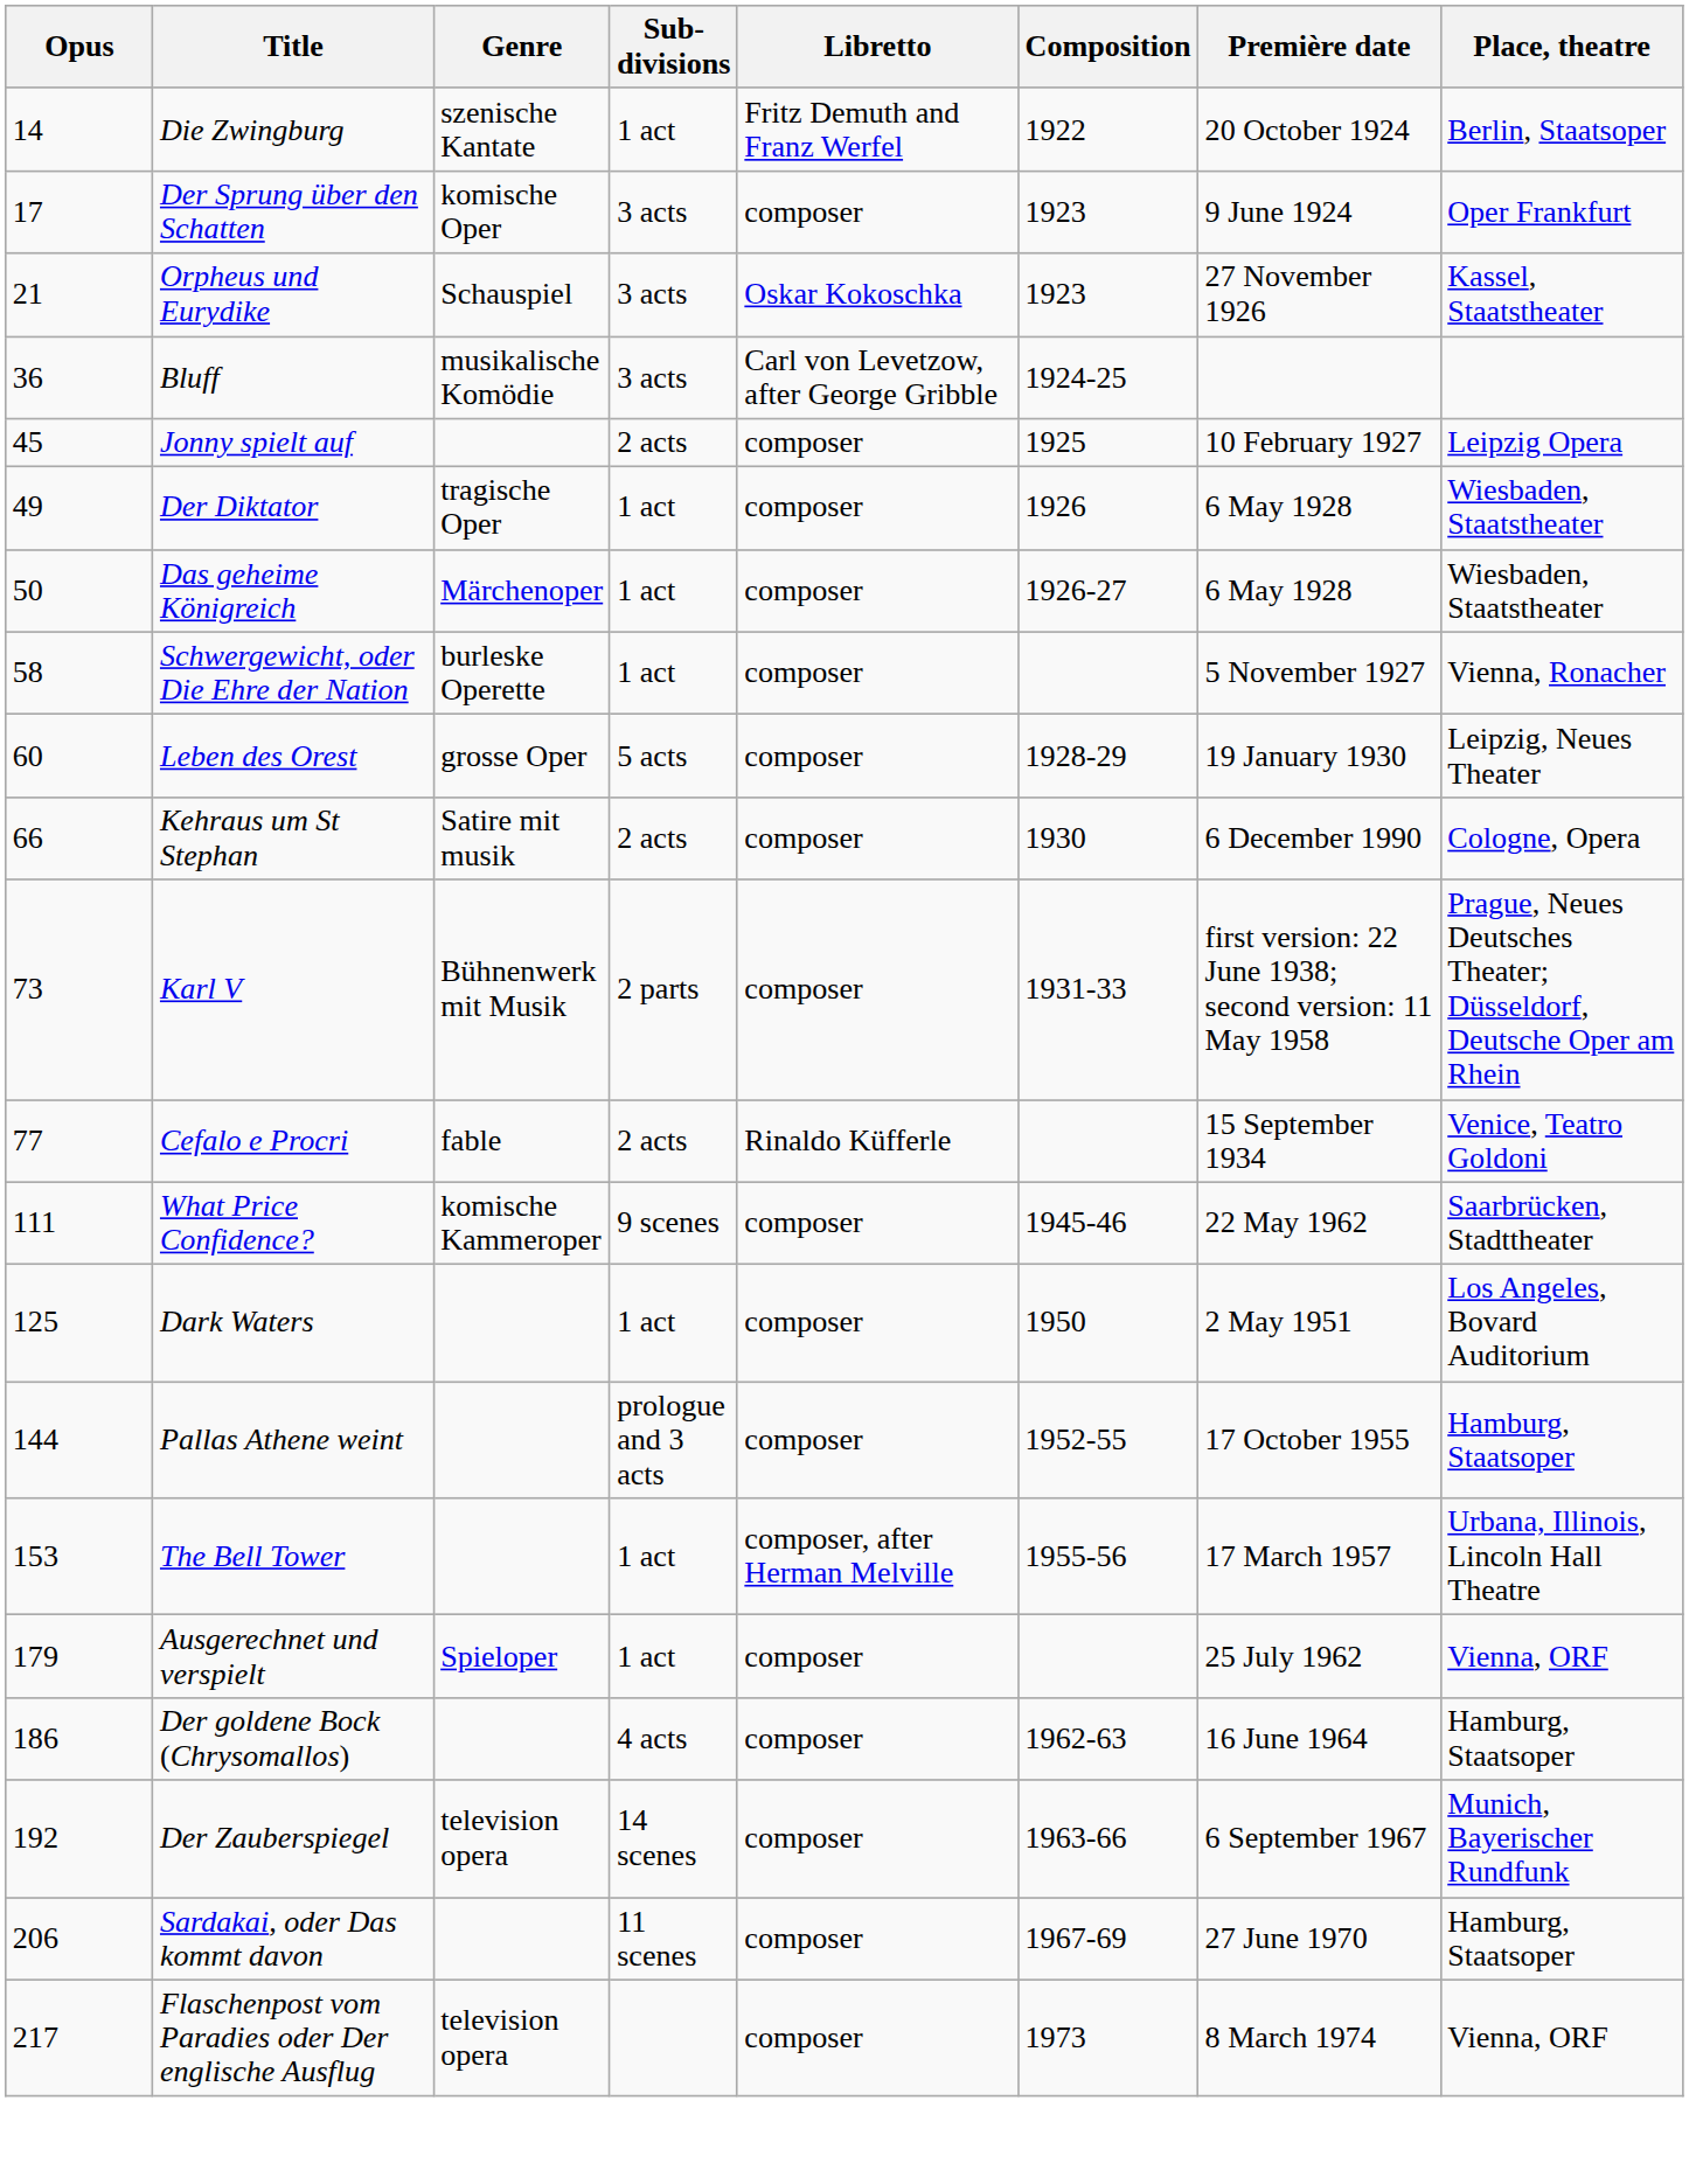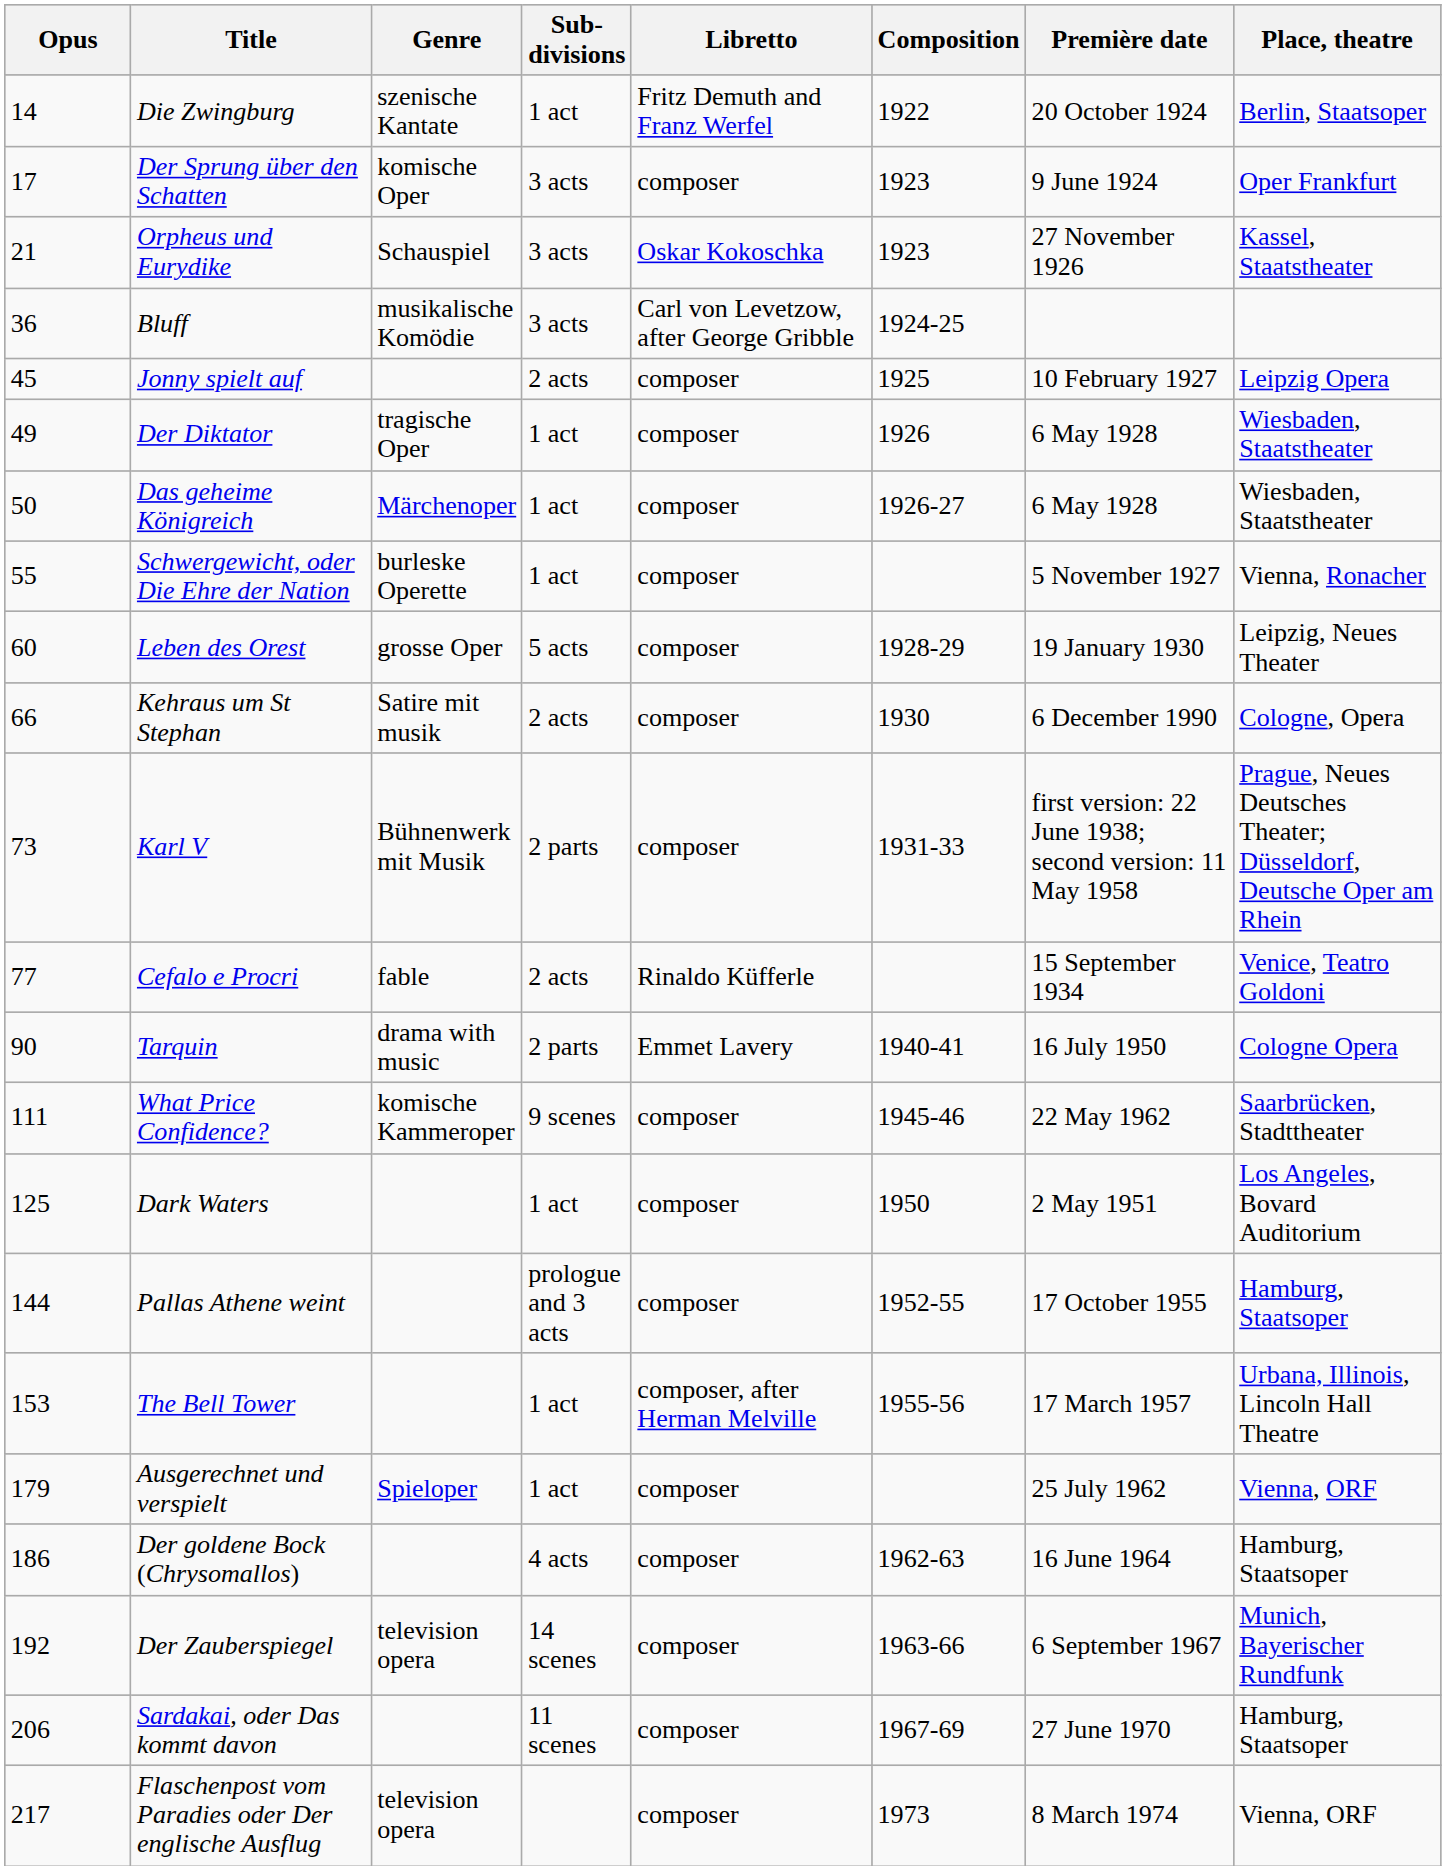 <table class="wikitable sortable">
 <tr>
 <th width="70px">Opus</th>
 <th width="140px">Title</th>
 <th width="80px">Genre</th>
 <th width="50px">Sub­divisions</th>
 <th width="140px">Libretto</th>
 <th width="70px">Composition</th>
 <th width="120px">Première date</th>
 <th width="120px">Place, theatre</th>
 </tr>
 <tr>
 <td>14</td>
 <td><em>Die Zwingburg</em></td>
 <td>szenische Kantate</td>
 <td>1 act</td>
 <td>Fritz Demuth and <a href='#'>Franz Werfel</a></td>
 <td>1922</td>
 <td>20 October 1924</td>
 <td><a href='#'>Berlin</a>, <a href='#'>Staatsoper</a></td>
 </tr>
 <tr>
 <td>17</td>
 <td><em><a href='#'>Der Sprung über den Schatten</a></em></td>
 <td>komische Oper</td>
 <td>3 acts</td>
 <td>composer</td>
 <td>1923</td>
 <td>9 June 1924</td>
 <td><a href='#'>Oper Frankfurt</a></td>
 </tr>
 <tr>
 <td>21</td>
 <td><em><a href='#'>Orpheus und Eurydike</a></em></td>
 <td>Schauspiel</td>
 <td>3 acts</td>
 <td><a href='#'>Oskar Kokoschka</a></td>
 <td>1923</td>
 <td>27 November 1926</td>
 <td><a href='#'>Kassel</a>, <a href='#'>Staatstheater</a></td>
 </tr>
 <tr>
 <td>36</td>
 <td><em>Bluff</em></td>
 <td>musikalische Komödie</td>
 <td>3 acts</td>
 <td>Carl von Levetzow, after George Gribble</td>
 <td>1924-25</td>
 <td> </td>
 <td> </td>
 </tr>
 <tr>
 <td>45</td>
 <td><em><a href='#'>Jonny spielt auf</a></em></td>
 <td></td>
 <td>2 acts</td>
 <td>composer</td>
 <td>1925</td>
 <td>10 February 1927</td>
 <td><a href='#'>Leipzig Opera</a></td>
 </tr>
 <tr>
 <td>49</td>
 <td><em><a href='#'>Der Diktator</a></em></td>
 <td>tragische Oper</td>
 <td>1 act</td>
 <td>composer</td>
 <td>1926</td>
 <td>6 May 1928</td>
 <td><a href='#'>Wiesbaden</a>, <a href='#'>Staatstheater</a></td>
 </tr>
 <tr>
 <td>50</td>
 <td><em><a href='#'>Das geheime Königreich</a></em></td>
 <td><a href='#'>Märchenoper</a></td>
 <td>1 act</td>
 <td>composer</td>
 <td>1926-27</td>
 <td>6 May 1928</td>
 <td>Wiesbaden, Staatstheater</td>
 </tr>
 <tr>
-<td>58</td>
+<td>55</td>
 <td><em><a href='#'>Schwergewicht, oder Die Ehre der Nation</a></em></td>
 <td>burleske Operette</td>
 <td>1 act</td>
 <td>composer</td>
 <td></td>
 <td>5 November 1927</td>
 <td>Vienna, <a href='#'>Ronacher</a></td>
 </tr>
 <tr>
 <td>60</td>
 <td><em><a href='#'>Leben des Orest</a></em></td>
 <td>grosse Oper</td>
 <td>5 acts</td>
 <td>composer</td>
 <td>1928-29</td>
 <td>19 January 1930</td>
 <td>Leipzig, Neues Theater</td>
 </tr>
 <tr>
 <td>66</td>
 <td><em>Kehraus um St Stephan</em></td>
 <td>Satire mit musik</td>
 <td>2 acts</td>
 <td>composer</td>
 <td>1930</td>
 <td>6 December 1990</td>
 <td><a href='#'>Cologne</a>, Opera</td>
 </tr>
 <tr>
 <td>73</td>
 <td><em><a href='#'>Karl V</a></em></td>
 <td>Bühnenwerk mit Musik</td>
 <td>2 parts</td>
 <td>composer</td>
 <td>1931-33</td>
 <td>first version: 22 June 1938;<br>second version: 11 May 1958</td>
 <td><a href='#'>Prague</a>, Neues Deutsches Theater;<br><a href='#'>Düsseldorf</a>, <a href='#'>Deutsche Oper am Rhein</a></td>
 </tr>
 <tr>
 <td>77</td>
 <td><em><a href='#'>Cefalo e Procri</a></em></td>
 <td>fable</td>
 <td>2 acts</td>
 <td>Rinaldo Küfferle</td>
 <td></td>
 <td>15 September 1934</td>
 <td><a href='#'>Venice</a>, <a href='#'>Teatro Goldoni</a></td>
+</tr>
+<tr>
+<td>90</td>
+<td><em><a href='#'>Tarquin</a></em></td>
+<td>drama with music</td>
+<td>2 parts</td>
+<td>Emmet Lavery</td>
+<td>1940-41</td>
+<td>16 July 1950</td>
+<td><a href='#'>Cologne Opera</a></td>
 </tr>
 <tr>
 <td>111</td>
 <td><em><a href='#'>What Price Confidence?</a></em></td>
 <td>komische Kammeroper</td>
 <td>9 scenes</td>
 <td>composer</td>
 <td>1945-46</td>
 <td>22 May 1962</td>
 <td><a href='#'>Saarbrücken</a>, Stadttheater</td>
 </tr>
 <tr>
 <td>125</td>
 <td><em>Dark Waters</em></td>
 <td> </td>
 <td>1 act</td>
 <td>composer</td>
 <td>1950</td>
 <td>2 May 1951</td>
 <td><a href='#'>Los Angeles</a>, Bovard Auditorium</td>
 </tr>
 <tr>
 <td>144</td>
 <td><em>Pallas Athene weint</em></td>
 <td></td>
 <td>prologue and 3 acts</td>
 <td>composer</td>
 <td>1952-55</td>
 <td>17 October 1955</td>
 <td><a href='#'>Hamburg</a>, <a href='#'>Staatsoper</a></td>
 </tr>
 <tr>
 <td>153</td>
 <td><em><a href='#'>The Bell Tower</a></em></td>
 <td></td>
 <td>1 act</td>
 <td>composer, after <a href='#'>Herman Melville</a></td>
 <td>1955-56</td>
 <td>17 March 1957</td>
 <td><a href='#'>Urbana, Illinois</a>, Lincoln Hall Theatre</td>
 </tr>
 <tr>
 <td>179</td>
 <td><em>Ausgerechnet und verspielt</em></td>
 <td><a href='#'>Spieloper</a></td>
 <td>1 act</td>
 <td>composer</td>
 <td></td>
 <td>25 July 1962</td>
 <td><a href='#'>Vienna</a>, <a href='#'>ORF</a></td>
 </tr>
 <tr>
 <td>186</td>
 <td><em>Der goldene Bock</em> (<em>Chrysomallos</em>)</td>
 <td> </td>
 <td>4 acts</td>
 <td>composer</td>
 <td>1962-63</td>
 <td>16 June 1964</td>
 <td>Hamburg, Staatsoper</td>
 </tr>
 <tr>
 <td>192</td>
 <td><em>Der Zauberspiegel</em></td>
 <td>television opera</td>
 <td>14 scenes</td>
 <td>composer</td>
 <td>1963-66</td>
 <td>6 September 1967</td>
 <td><a href='#'>Munich</a>, <a href='#'>Bayerischer Rundfunk</a></td>
 </tr>
 <tr>
 <td>206</td>
 <td><em><a href='#'>Sardakai</a>, oder Das kommt davon</em></td>
 <td></td>
 <td>11 scenes</td>
 <td>composer</td>
 <td>1967-69</td>
 <td>27 June 1970</td>
 <td>Hamburg, Staatsoper</td>
 </tr>
 <tr>
 <td>217</td>
 <td><em>Flaschenpost vom Paradies oder Der englische Ausflug</em></td>
 <td>television opera</td>
 <td></td>
 <td>composer</td>
 <td>1973</td>
 <td>8 March 1974</td>
 <td>Vienna, ORF</td>
 </tr>
 </table>
